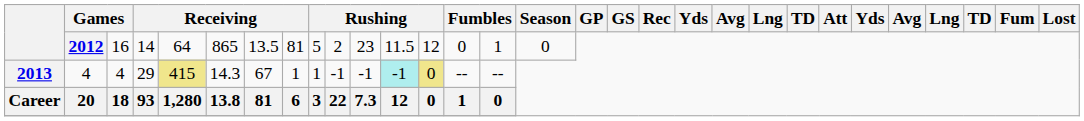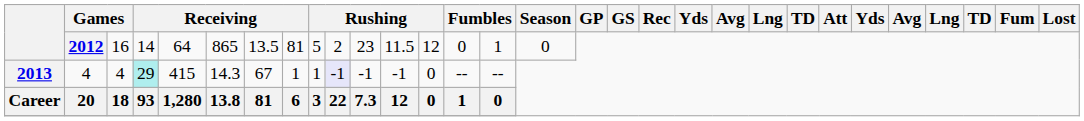 <table class=wikitable style="text-align:center;">
 <tr>
 <th rowspan=2></th>
 <th colspan="2">Games</th>
 <th colspan=5>Receiving</th>
 <th colspan=5>Rushing</th>
 <th colspan=2>Fumbles</th>
 <th>Season</th>
 <th>GP</th>
 <th>GS</th>
 <th>Rec</th>
 <th>Yds</th>
 <th>Avg</th>
 <th>Lng</th>
 <th>TD</th>
 <th>Att</th>
 <th>Yds</th>
 <th>Avg</th>
 <th>Lng</th>
 <th>TD</th>
 <th>Fum</th>
 <th>Lost</th>
 </tr>
 <tr>
 <th><a href='#'>2012</a></th>
 <td>16</td>
 <td>14</td>
 <td>64</td>
 <td>865</td>
 <td>13.5</td>
 <td>81</td>
 <td>5</td>
 <td>2</td>
 <td>23</td>
 <td>11.5</td>
 <td>12</td>
 <td>0</td>
 <td>1</td>
 <td>0</td>
 </tr>
 <tr>
 <th><a href='#'>2013</a></th>
 <td>4</td>
 <td>4</td>
-<td>29</td>
-<td style="background: khaki;">415</td>
+<td style="background: paleturquoise;">29</td>
+<td>415</td>
 <td>14.3</td>
 <td>67</td>
 <td>1</td>
 <td>1</td>
+<td style="background: lavender;">-1</td>
 <td>-1</td>
 <td>-1</td>
-<td style="background: paleturquoise;">-1</td>
-<td style="background: khaki;">0</td>
+<td>0</td>
 <td>--</td>
 <td>--</td>
 </tr>
 <tr>
 <th>Career</th>
 <th>20</th>
 <th>18</th>
 <th>93</th>
 <th>1,280</th>
 <th>13.8</th>
 <th>81</th>
 <th>6</th>
 <th>3</th>
 <th>22</th>
 <th>7.3</th>
 <th>12</th>
 <th>0</th>
 <th>1</th>
 <th>0</th>
 </tr>
 <tr>
 </tr>
 </table>
